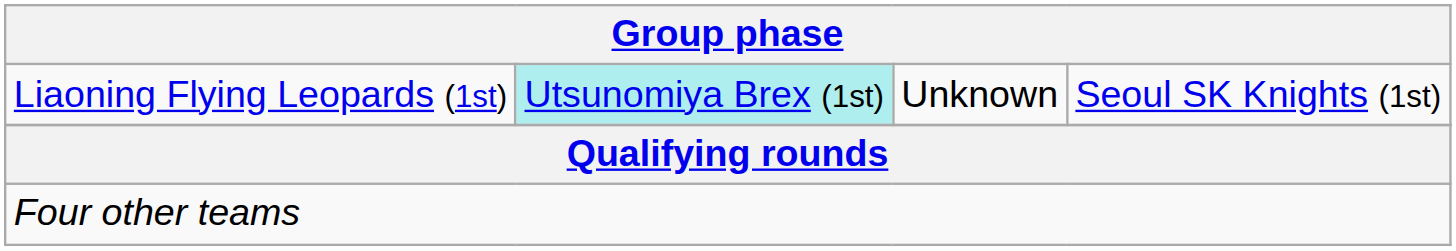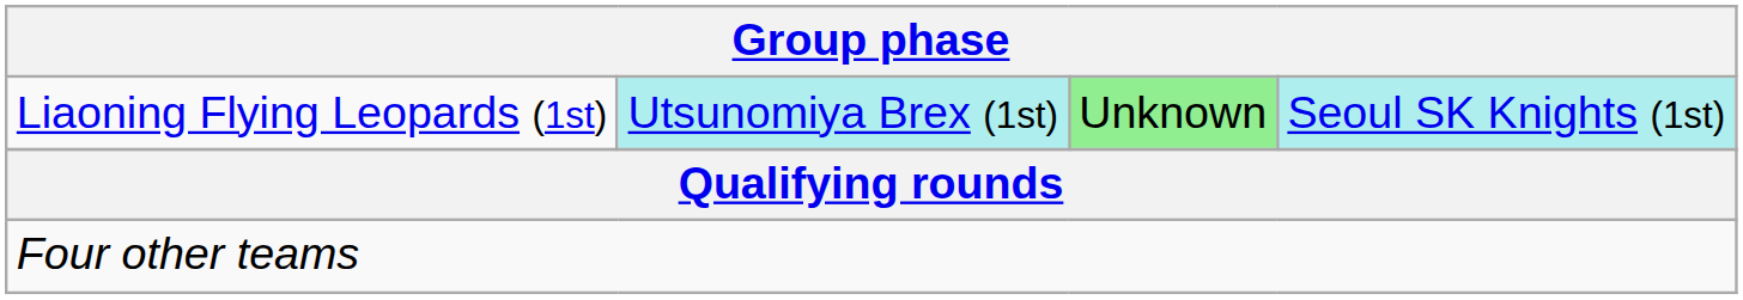 <table class="wikitable" style="white-space: nowrap;">
 <tr>
 <th colspan=4><a href='#'>Group phase</a></th>
 </tr>
 <tr>
 <td> <a href='#'>Liaoning Flying Leopards</a> <small>(<a href='#'>1st</a>)</small></td>
 <td style="background: paleturquoise;"> <a href='#'>Utsunomiya Brex</a> <small>(1st)</small></td>
-<td> Unknown </td>
-<td> <a href='#'>Seoul SK Knights</a> <small>(1st)</small></td>
+<td style="background: lightgreen;"> Unknown </td>
+<td style="background: paleturquoise;"> <a href='#'>Seoul SK Knights</a> <small>(1st)</small></td>
 </tr>
 <tr>
 </tr>
 <tr>
 <th colspan=4><a href='#'>Qualifying rounds</a></th>
 </tr>
 <tr>
 <td colspan=4><em>Four other teams</em></td>
 </tr>
 </table>
